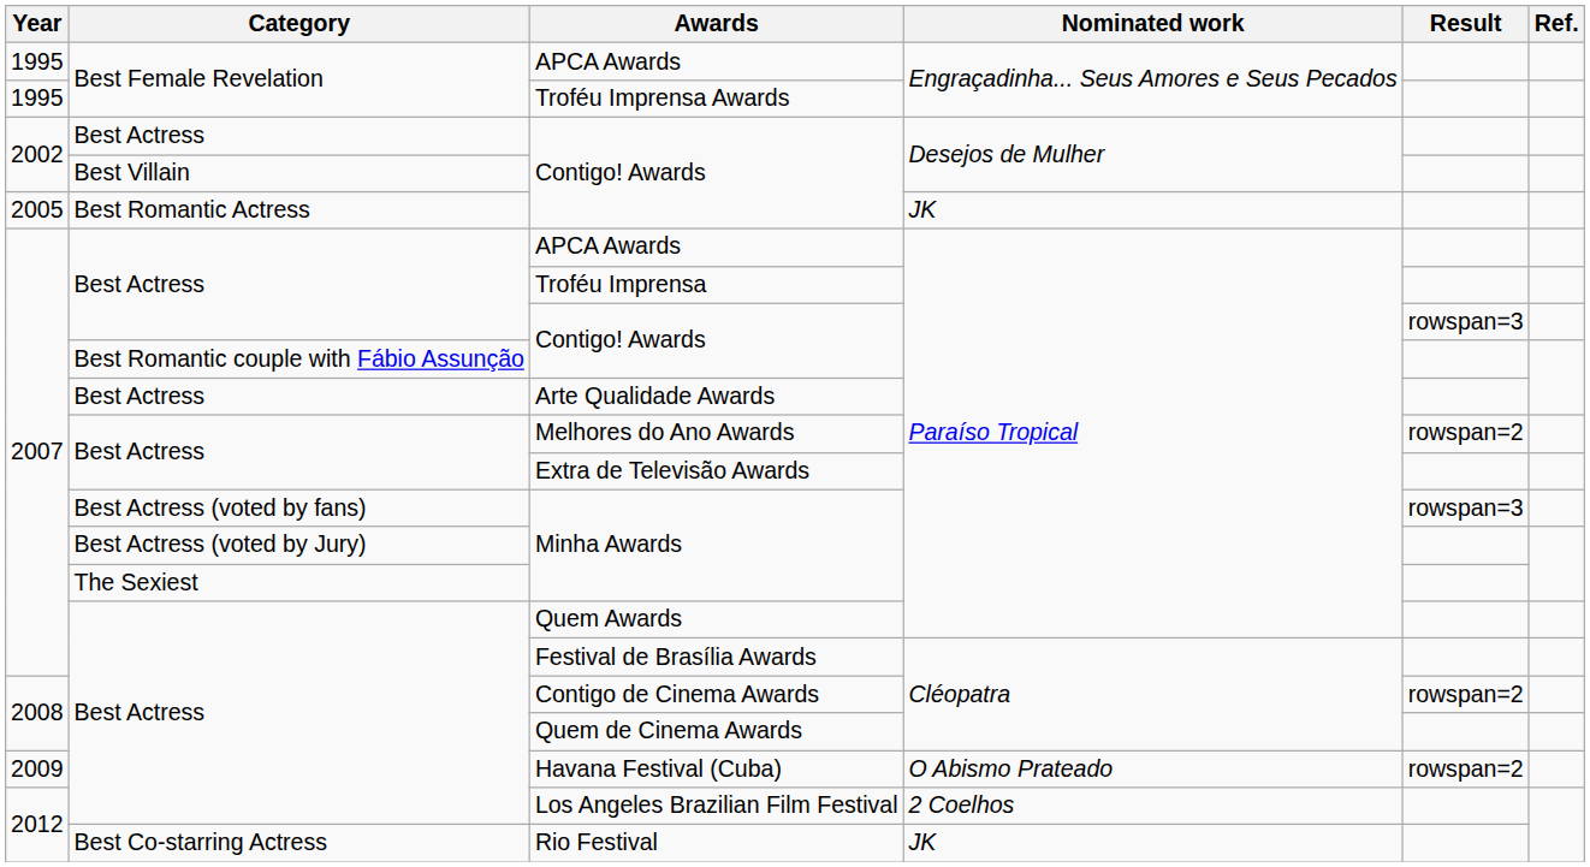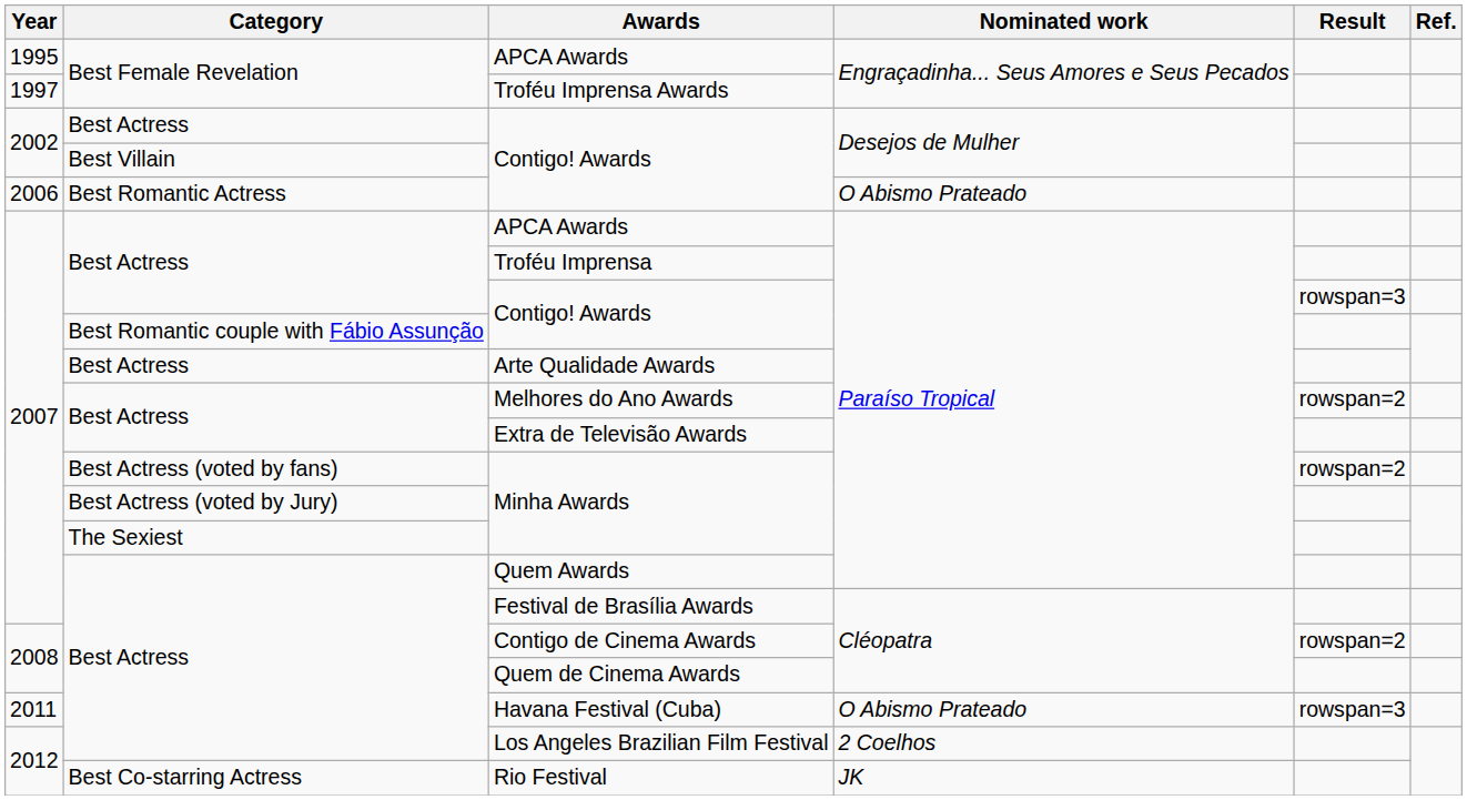 <table class="wikitable">
 <tr>
 <th>Year</th>
 <th>Category</th>
 <th>Awards</th>
 <th>Nominated work</th>
 <th>Result</th>
 <th>Ref.</th>
 </tr>
 <tr>
 <td>1995</td>
 <td rowspan=2>Best Female Revelation</td>
 <td>APCA Awards</td>
 <td rowspan=2><em>Engraçadinha... Seus Amores e Seus Pecados</em></td>
 <td></td>
 <td></td>
 </tr>
 <tr>
-<td>1995</td>
+<td>1997</td>
 <td>Troféu Imprensa Awards</td>
 <td></td>
 <td></td>
 </tr>
 <tr>
 <td rowspan="2">2002</td>
 <td>Best Actress</td>
 <td rowspan=3>Contigo! Awards</td>
 <td rowspan=2><em>Desejos de Mulher</em></td>
 <td></td>
 <td></td>
 </tr>
 <tr>
 <td>Best Villain</td>
 <td></td>
 <td></td>
 </tr>
 <tr>
-<td>2005</td>
+<td>2006</td>
 <td>Best Romantic Actress</td>
-<td><em>JK</em></td>
+<td><em>O Abismo Prateado</em></td>
 <td></td>
 <td></td>
 </tr>
 <tr>
 <td rowspan=12>2007</td>
 <td rowspan=3>Best Actress</td>
 <td>APCA Awards</td>
 <td rowspan=11><em><a href='#'>Paraíso Tropical</a></em></td>
 <td></td>
 <td></td>
 </tr>
 <tr>
 <td>Troféu Imprensa</td>
 <td></td>
 <td></td>
 </tr>
 <tr>
 <td rowspan=2>Contigo! Awards</td>
 <td>rowspan=3 </td>
 <td></td>
 </tr>
 <tr>
 <td>Best Romantic couple with <a href='#'>Fábio Assunção</a></td>
 <td></td>
 </tr>
 <tr>
 <td>Best Actress</td>
 <td>Arte Qualidade Awards</td>
 <td></td>
 </tr>
 <tr>
 <td rowspan=2>Best Actress</td>
 <td>Melhores do Ano Awards</td>
 <td>rowspan=2 </td>
 <td></td>
 </tr>
 <tr>
 <td>Extra de Televisão Awards</td>
 <td></td>
 </tr>
 <tr>
 <td>Best Actress (voted by fans)</td>
 <td rowspan=3>Minha Awards</td>
-<td>rowspan=3 </td>
+<td>rowspan=2 </td>
 <td></td>
 </tr>
 <tr>
 <td>Best Actress (voted by Jury)</td>
 <td></td>
 </tr>
 <tr>
 <td>The Sexiest</td>
 <td></td>
 </tr>
 <tr>
 <td rowspan=6>Best Actress</td>
 <td>Quem Awards</td>
 <td></td>
 <td></td>
 </tr>
 <tr>
 <td>Festival de Brasília Awards</td>
 <td rowspan=3><em>Cléopatra</em></td>
 <td></td>
 <td></td>
 </tr>
 <tr>
 <td rowspan=2>2008</td>
 <td>Contigo de Cinema Awards</td>
 <td>rowspan=2 </td>
 <td></td>
 </tr>
 <tr>
 <td>Quem de Cinema Awards</td>
 <td></td>
 </tr>
 <tr>
-<td>2009</td>
+<td>2011</td>
 <td>Havana Festival (Cuba)</td>
 <td><em>O Abismo Prateado</em></td>
-<td>rowspan=2 </td>
+<td>rowspan=3 </td>
 <td></td>
 </tr>
 <tr>
 <td rowspan=2>2012</td>
 <td>Los Angeles Brazilian Film Festival</td>
 <td><em>2 Coelhos</em></td>
 <td></td>
 </tr>
 <tr>
 <td>Best Co-starring Actress</td>
 <td>Rio Festival</td>
 <td><em>JK</em></td>
 <td></td>
 </tr>
 </table>
